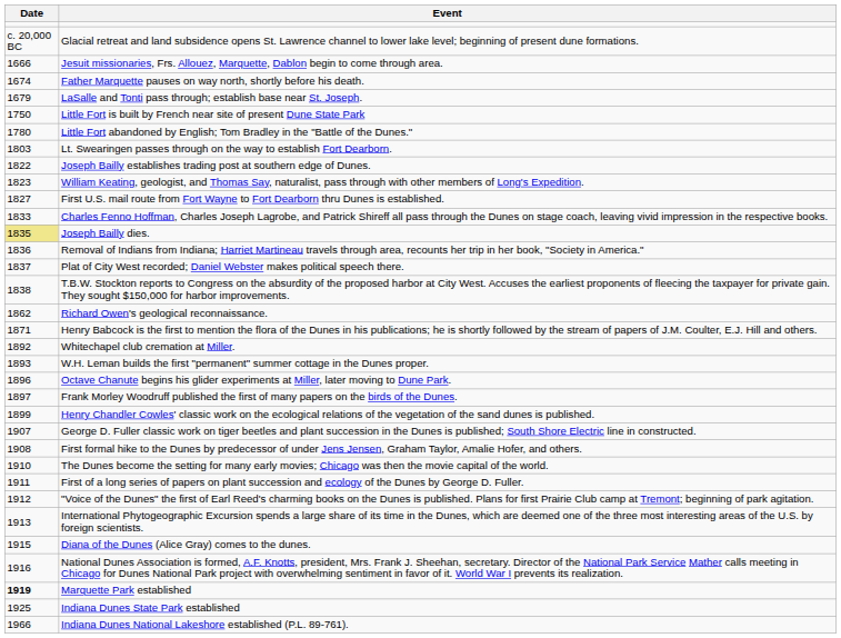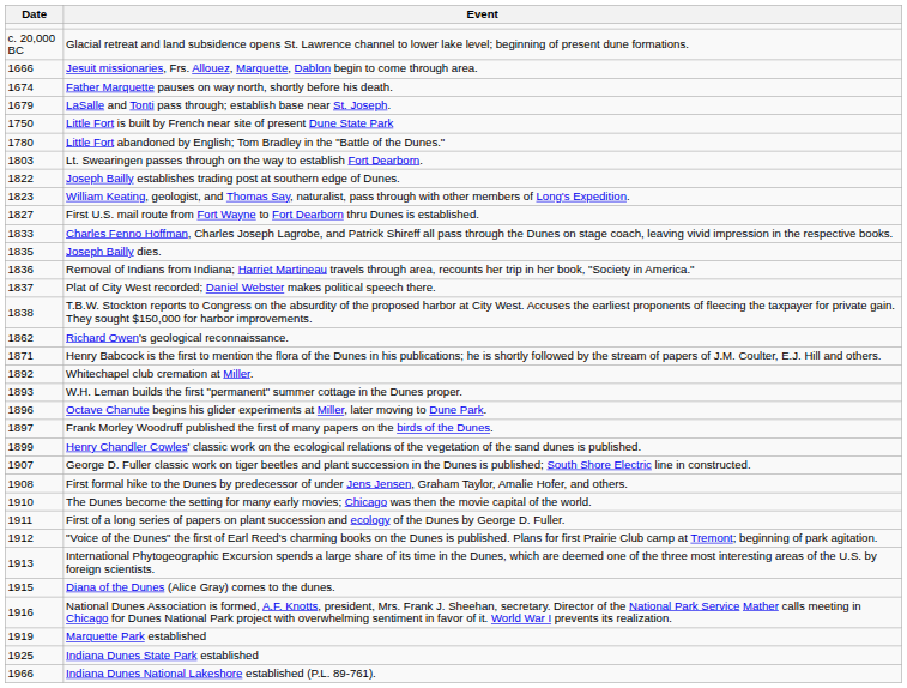 <table class="wikitable" border="1">
 <tr>
 <th>Date</th>
 <th>Event</th>
 </tr>
 <tr>
 <td></td>
 <td></td>
 </tr>
 <tr>
 <td>c. 20,000 BC</td>
 <td>Glacial retreat and land subsidence opens St. Lawrence channel to lower lake level; beginning of present dune formations.</td>
 </tr>
 <tr>
 <td>1666</td>
 <td><a href='#'>Jesuit missionaries</a>, Frs. <a href='#'>Allouez</a>, <a href='#'>Marquette</a>, <a href='#'>Dablon</a> begin to come through area.</td>
 </tr>
 <tr>
 <td>1674</td>
 <td><a href='#'>Father Marquette</a> pauses on way north, shortly before his death.</td>
 </tr>
 <tr>
 <td>1679</td>
 <td><a href='#'>LaSalle</a> and <a href='#'>Tonti</a> pass through; establish base near <a href='#'>St. Joseph</a>.</td>
 </tr>
 <tr>
 <td>1750</td>
 <td><a href='#'>Little Fort</a> is built by French near site of present <a href='#'>Dune State Park</a></td>
 </tr>
 <tr>
 <td>1780</td>
 <td><a href='#'>Little Fort</a> abandoned by English; Tom Bradley in the "Battle of the Dunes."</td>
 </tr>
 <tr>
 <td>1803</td>
 <td>Lt. Swearingen passes through on the way to establish <a href='#'>Fort Dearborn</a>.</td>
 </tr>
 <tr>
 <td>1822</td>
 <td><a href='#'>Joseph Bailly</a> establishes trading post at southern edge of Dunes.</td>
 </tr>
 <tr>
 <td>1823</td>
 <td><a href='#'>William Keating</a>, geologist, and <a href='#'>Thomas Say</a>, naturalist, pass through with other members of <a href='#'>Long's Expedition</a>.</td>
 </tr>
 <tr>
 <td>1827</td>
 <td>First U.S. mail route from <a href='#'>Fort Wayne</a> to <a href='#'>Fort Dearborn</a> thru Dunes is established.</td>
 </tr>
 <tr>
 <td>1833</td>
 <td><a href='#'>Charles Fenno Hoffman</a>, Charles Joseph Lagrobe, and Patrick Shireff all pass through the Dunes on stage coach, leaving vivid impression in the respective books.</td>
 </tr>
 <tr>
-<td style="background: khaki;">1835</td>
+<td>1835</td>
 <td><a href='#'>Joseph Bailly</a> dies.</td>
 </tr>
 <tr>
 <td>1836</td>
 <td>Removal of Indians from Indiana; <a href='#'>Harriet Martineau</a> travels through area, recounts her trip in her book, "Society in America."</td>
 </tr>
 <tr>
 <td>1837</td>
 <td>Plat of City West recorded; <a href='#'>Daniel Webster</a> makes political speech there.</td>
 </tr>
 <tr>
 <td>1838</td>
 <td>T.B.W. Stockton reports to Congress on the absurdity of the proposed harbor at City West.  Accuses the earliest proponents of fleecing the taxpayer for private gain.  They sought $150,000 for harbor improvements.</td>
 </tr>
 <tr>
 <td>1862</td>
 <td><a href='#'>Richard Owen</a>'s geological reconnaissance.</td>
 </tr>
 <tr>
 <td>1871</td>
 <td>Henry Babcock is the first to mention the flora of the Dunes in his publications; he is shortly followed by the stream of papers of J.M. Coulter, E.J. Hill and others.</td>
 </tr>
 <tr>
 <td>1892</td>
 <td>Whitechapel club cremation at <a href='#'>Miller</a>.</td>
 </tr>
 <tr>
 <td>1893</td>
 <td>W.H. Leman builds the first "permanent" summer cottage in the Dunes proper.</td>
 </tr>
 <tr>
 <td>1896</td>
 <td><a href='#'>Octave Chanute</a> begins his glider experiments at <a href='#'>Miller</a>, later moving to <a href='#'>Dune Park</a>.</td>
 </tr>
 <tr>
 <td>1897</td>
 <td>Frank Morley Woodruff published the first of many papers on the <a href='#'>birds of the Dunes</a>.</td>
 </tr>
 <tr>
 <td>1899</td>
 <td><a href='#'>Henry Chandler Cowles</a>' classic work on the ecological relations of the vegetation of the sand dunes is published.</td>
 </tr>
 <tr>
 <td>1907</td>
 <td>George D. Fuller classic work on tiger beetles and plant succession in the Dunes is published; <a href='#'>South Shore Electric</a> line in constructed.</td>
 </tr>
 <tr>
 <td>1908</td>
 <td>First formal hike to the Dunes by predecessor of  under <a href='#'>Jens Jensen</a>, Graham Taylor, Amalie Hofer, and others.</td>
 </tr>
 <tr>
 <td>1910</td>
 <td>The Dunes become the setting for many early movies; <a href='#'>Chicago</a> was then the movie capital of the world.</td>
 </tr>
 <tr>
 <td>1911</td>
 <td>First of a long series of papers on plant succession and <a href='#'>ecology</a> of the Dunes by George D. Fuller.</td>
 </tr>
 <tr>
 <td>1912</td>
 <td>"Voice of the Dunes" the first of Earl Reed's charming books on the Dunes is published.  Plans for first Prairie Club camp at <a href='#'>Tremont</a>; beginning of park agitation.</td>
 </tr>
 <tr>
 <td>1913</td>
 <td>International Phytogeographic Excursion spends a large share of its time in the Dunes, which are deemed one of the three most interesting areas of the U.S. by foreign scientists.</td>
 </tr>
 <tr>
 <td>1915</td>
 <td><a href='#'>Diana of the Dunes</a> (Alice Gray) comes to the dunes.</td>
 </tr>
 <tr>
 <td>1916</td>
 <td>National Dunes Association is formed, <a href='#'>A.F. Knotts</a>, president, Mrs. Frank J. Sheehan, secretary.  Director of the <a href='#'>National Park Service</a> <a href='#'>Mather</a> calls meeting in <a href='#'>Chicago</a> for Dunes National Park project with overwhelming sentiment in favor of it.  <a href='#'>World War I</a> prevents its realization.</td>
 </tr>
 <tr>
-<td><strong>1919</strong></td>
+<td>1919</td>
 <td><a href='#'>Marquette Park</a> established</td>
 </tr>
 <tr>
 <td>1925</td>
 <td><a href='#'>Indiana Dunes State Park</a> established</td>
 </tr>
 <tr>
 <td>1966</td>
 <td><a href='#'>Indiana Dunes National Lakeshore</a> established (P.L. 89-761).</td>
 </tr>
 </table>
